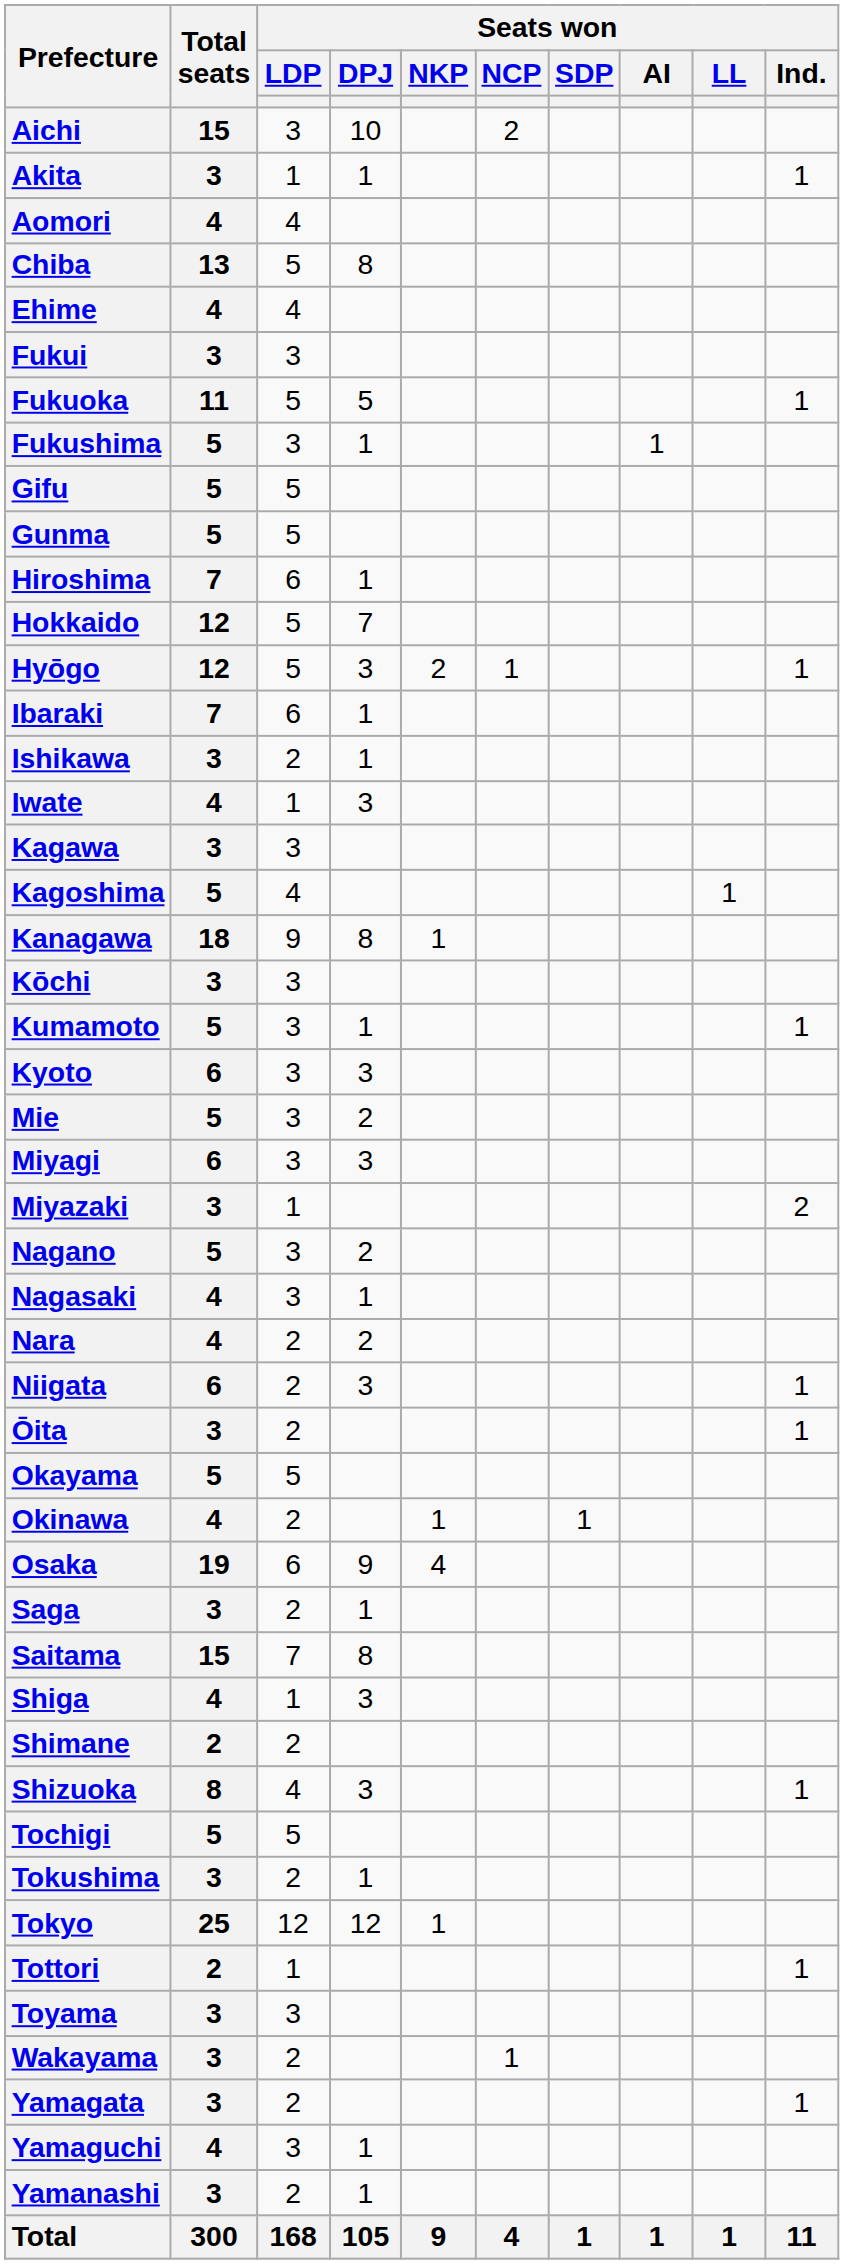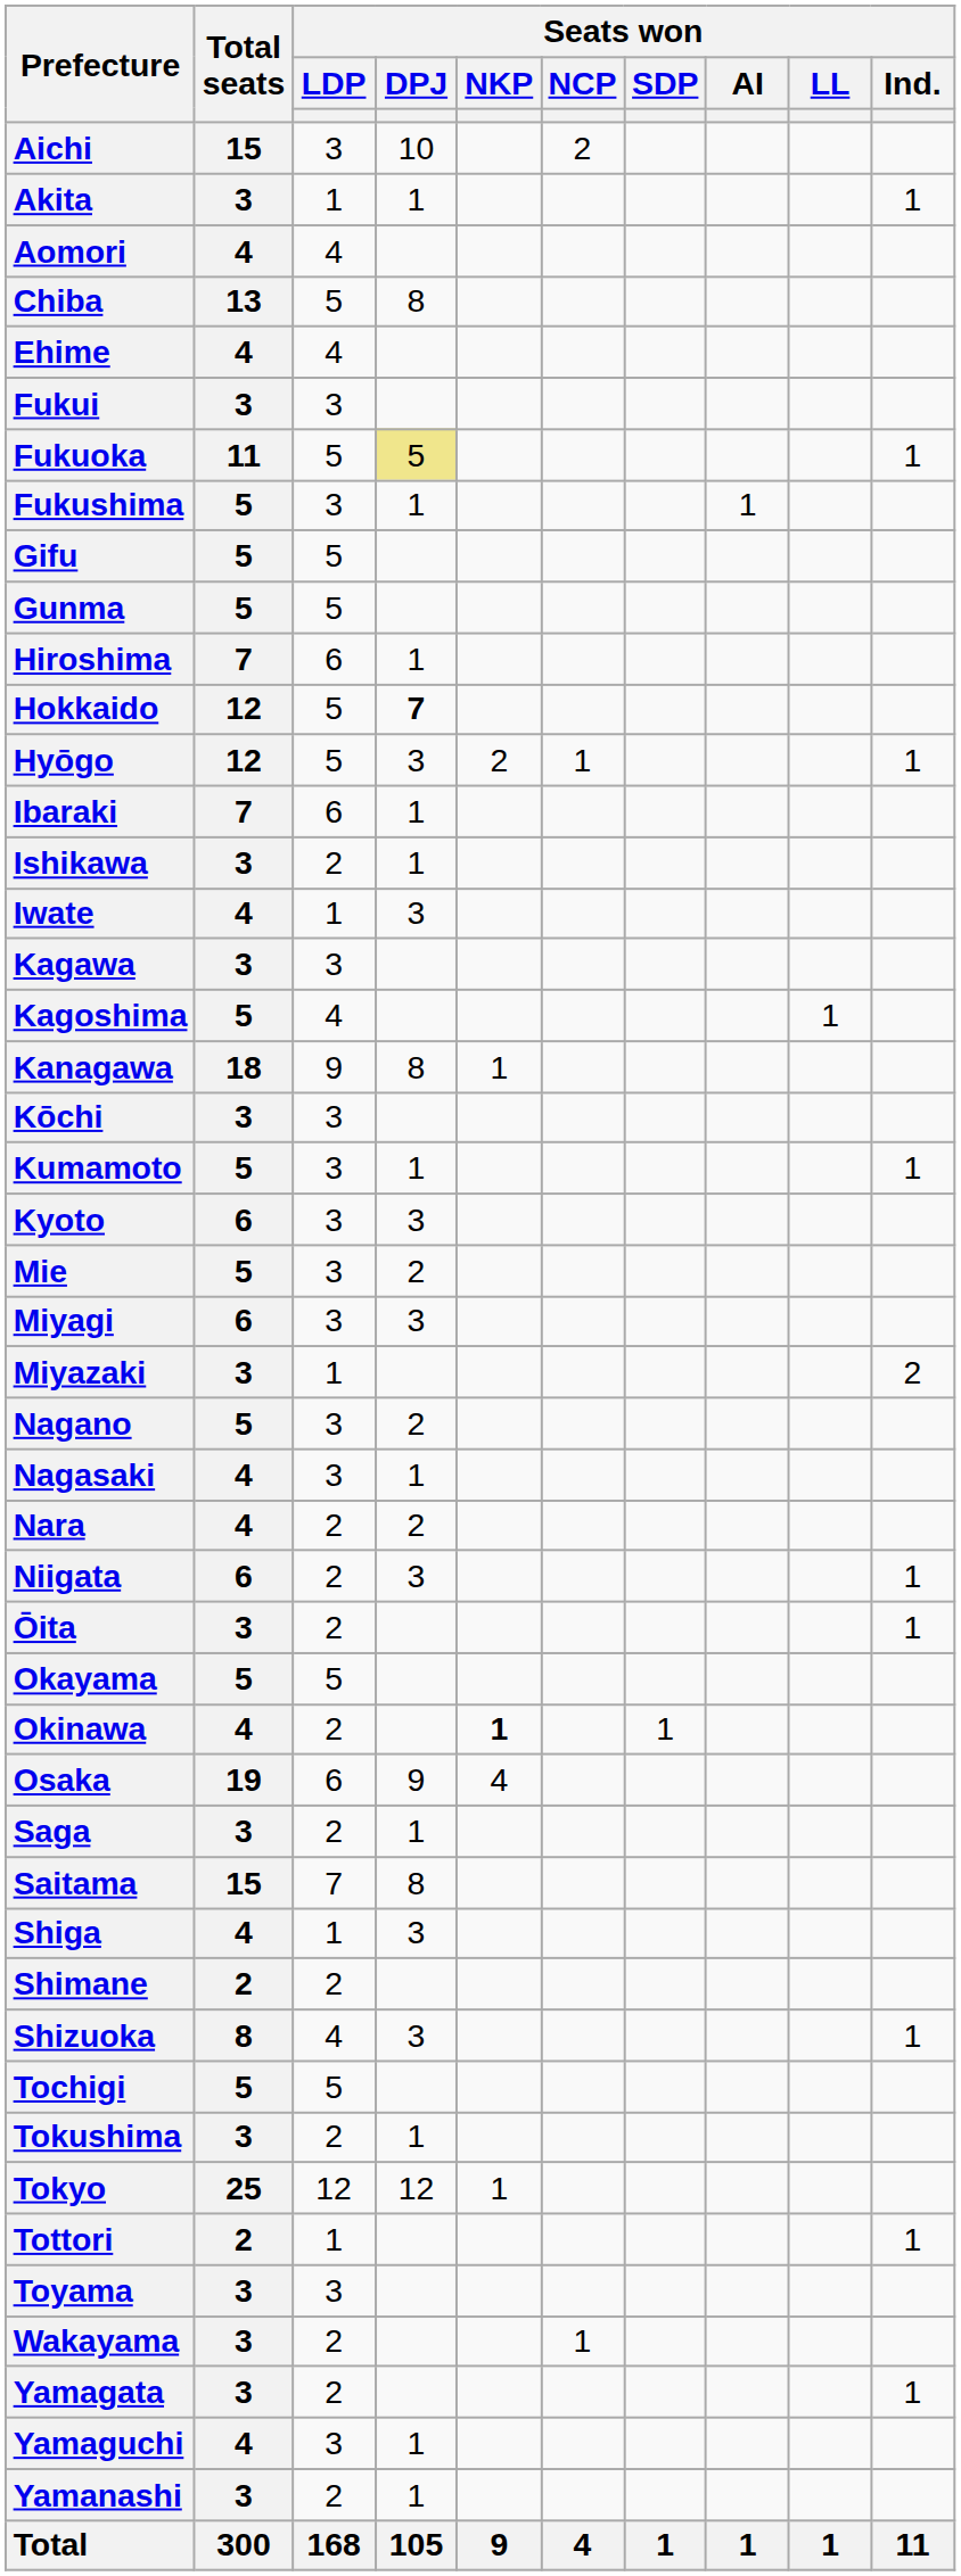 <table class="wikitable" style="text-align:center; font-size: 0.9em;">
 <tr>
 <th rowspan="3">Prefecture</th>
 <th rowspan="3">Total<br>seats</th>
 <th colspan="8">Seats won</th>
 </tr>
 <tr>
 <th class="unsortable" style="width:30px;"><a href='#'>LDP</a></th>
 <th class="unsortable" style="width:30px;"><a href='#'>DPJ</a></th>
 <th class="unsortable" style="width:30px;"><a href='#'>NKP</a></th>
 <th class="unsortable" style="width:30px;"><a href='#'>NCP</a></th>
 <th class="unsortable" style="width:30px;"><a href='#'>SDP</a></th>
 <th class="unsortable" style="width:30px;">AI</th>
 <th class="unsortable" style="width:30px;"><a href='#'>LL</a></th>
 <th class="unsortable" style="width:30px;">Ind.</th>
 </tr>
 <tr>
 <th style="background:"></th>
 <th style="background:"></th>
 <th style="background:"></th>
 <th style="background:"></th>
 <th style="background:"></th>
 <th style="background:"></th>
 <th style="background:"></th>
 <th style="background:"></th>
 </tr>
 <tr>
 <th style="text-align: left;"><a href='#'>Aichi</a></th>
 <th>15</th>
 <td>3</td>
 <td>10</td>
 <td></td>
 <td>2</td>
 <td></td>
 <td></td>
 <td></td>
 <td></td>
 </tr>
 <tr>
 <th style="text-align: left;"><a href='#'>Akita</a></th>
 <th>3</th>
 <td>1</td>
 <td>1</td>
 <td></td>
 <td></td>
 <td></td>
 <td></td>
 <td></td>
 <td>1</td>
 </tr>
 <tr>
 <th style="text-align: left;"><a href='#'>Aomori</a></th>
 <th>4</th>
 <td>4</td>
 <td></td>
 <td></td>
 <td></td>
 <td></td>
 <td></td>
 <td></td>
 <td></td>
 </tr>
 <tr>
 <th style="text-align: left;"><a href='#'>Chiba</a></th>
 <th>13</th>
 <td>5</td>
 <td>8</td>
 <td></td>
 <td></td>
 <td></td>
 <td></td>
 <td></td>
 <td></td>
 </tr>
 <tr>
 <th style="text-align: left;"><a href='#'>Ehime</a></th>
 <th>4</th>
 <td>4</td>
 <td></td>
 <td></td>
 <td></td>
 <td></td>
 <td></td>
 <td></td>
 <td></td>
 </tr>
 <tr>
 <th style="text-align: left;"><a href='#'>Fukui</a></th>
 <th>3</th>
 <td>3</td>
 <td></td>
 <td></td>
 <td></td>
 <td></td>
 <td></td>
 <td></td>
 <td></td>
 </tr>
 <tr>
 <th style="text-align: left;"><a href='#'>Fukuoka</a></th>
 <th>11</th>
 <td>5</td>
-<td>5</td>
+<td style="background: khaki;">5</td>
 <td></td>
 <td></td>
 <td></td>
 <td></td>
 <td></td>
 <td>1</td>
 </tr>
 <tr>
 <th style="text-align: left;"><a href='#'>Fukushima</a></th>
 <th>5</th>
 <td>3</td>
 <td>1</td>
 <td></td>
 <td></td>
 <td></td>
 <td>1</td>
 <td></td>
 <td></td>
 </tr>
 <tr>
 <th style="text-align: left;"><a href='#'>Gifu</a></th>
 <th>5</th>
 <td>5</td>
 <td></td>
 <td></td>
 <td></td>
 <td></td>
 <td></td>
 <td></td>
 <td></td>
 </tr>
 <tr>
 <th style="text-align: left;"><a href='#'>Gunma</a></th>
 <th>5</th>
 <td>5</td>
 <td></td>
 <td></td>
 <td></td>
 <td></td>
 <td></td>
 <td></td>
 <td></td>
 </tr>
 <tr>
 <th style="text-align: left;"><a href='#'>Hiroshima</a></th>
 <th>7</th>
 <td>6</td>
 <td>1</td>
 <td></td>
 <td></td>
 <td></td>
 <td></td>
 <td></td>
 <td></td>
 </tr>
 <tr>
 <th style="text-align: left;"><a href='#'>Hokkaido</a></th>
 <th>12</th>
 <td>5</td>
-<td>7</td>
+<td><strong>7</strong></td>
 <td></td>
 <td></td>
 <td></td>
 <td></td>
 <td></td>
 <td></td>
 </tr>
 <tr>
 <th style="text-align: left;"><a href='#'>Hyōgo</a></th>
 <th>12</th>
 <td>5</td>
 <td>3</td>
 <td>2</td>
 <td>1</td>
 <td></td>
 <td></td>
 <td></td>
 <td>1</td>
 </tr>
 <tr>
 <th style="text-align: left;"><a href='#'>Ibaraki</a></th>
 <th>7</th>
 <td>6</td>
 <td>1</td>
 <td></td>
 <td></td>
 <td></td>
 <td></td>
 <td></td>
 <td></td>
 </tr>
 <tr>
 <th style="text-align: left;"><a href='#'>Ishikawa</a></th>
 <th>3</th>
 <td>2</td>
 <td>1</td>
 <td></td>
 <td></td>
 <td></td>
 <td></td>
 <td></td>
 <td></td>
 </tr>
 <tr>
 <th style="text-align: left;"><a href='#'>Iwate</a></th>
 <th>4</th>
 <td>1</td>
 <td>3</td>
 <td></td>
 <td></td>
 <td></td>
 <td></td>
 <td></td>
 <td></td>
 </tr>
 <tr>
 <th style="text-align: left;"><a href='#'>Kagawa</a></th>
 <th>3</th>
 <td>3</td>
 <td></td>
 <td></td>
 <td></td>
 <td></td>
 <td></td>
 <td></td>
 <td></td>
 </tr>
 <tr>
 <th style="text-align: left;"><a href='#'>Kagoshima</a></th>
 <th>5</th>
 <td>4</td>
 <td></td>
 <td></td>
 <td></td>
 <td></td>
 <td></td>
 <td>1</td>
 <td></td>
 </tr>
 <tr>
 <th style="text-align: left;"><a href='#'>Kanagawa</a></th>
 <th>18</th>
 <td>9</td>
 <td>8</td>
 <td>1</td>
 <td></td>
 <td></td>
 <td></td>
 <td></td>
 <td></td>
 </tr>
 <tr>
 <th style="text-align: left;"><a href='#'>Kōchi</a></th>
 <th>3</th>
 <td>3</td>
 <td></td>
 <td></td>
 <td></td>
 <td></td>
 <td></td>
 <td></td>
 <td></td>
 </tr>
 <tr>
 <th style="text-align: left;"><a href='#'>Kumamoto</a></th>
 <th>5</th>
 <td>3</td>
 <td>1</td>
 <td></td>
 <td></td>
 <td></td>
 <td></td>
 <td></td>
 <td>1</td>
 </tr>
 <tr>
 <th style="text-align: left;"><a href='#'>Kyoto</a></th>
 <th>6</th>
 <td>3</td>
 <td>3</td>
 <td></td>
 <td></td>
 <td></td>
 <td></td>
 <td></td>
 <td></td>
 </tr>
 <tr>
 <th style="text-align: left;"><a href='#'>Mie</a></th>
 <th>5</th>
 <td>3</td>
 <td>2</td>
 <td></td>
 <td></td>
 <td></td>
 <td></td>
 <td></td>
 <td></td>
 </tr>
 <tr>
 <th style="text-align: left;"><a href='#'>Miyagi</a></th>
 <th>6</th>
 <td>3</td>
 <td>3</td>
 <td></td>
 <td></td>
 <td></td>
 <td></td>
 <td></td>
 <td></td>
 </tr>
 <tr>
 <th style="text-align: left;"><a href='#'>Miyazaki</a></th>
 <th>3</th>
 <td>1</td>
 <td></td>
 <td></td>
 <td></td>
 <td></td>
 <td></td>
 <td></td>
 <td>2</td>
 </tr>
 <tr>
 <th style="text-align: left;"><a href='#'>Nagano</a></th>
 <th>5</th>
 <td>3</td>
 <td>2</td>
 <td></td>
 <td></td>
 <td></td>
 <td></td>
 <td></td>
 <td></td>
 </tr>
 <tr>
 <th style="text-align: left;"><a href='#'>Nagasaki</a></th>
 <th>4</th>
 <td>3</td>
 <td>1</td>
 <td></td>
 <td></td>
 <td></td>
 <td></td>
 <td></td>
 <td></td>
 </tr>
 <tr>
 <th style="text-align: left;"><a href='#'>Nara</a></th>
 <th>4</th>
 <td>2</td>
 <td>2</td>
 <td></td>
 <td></td>
 <td></td>
 <td></td>
 <td></td>
 <td></td>
 </tr>
 <tr>
 <th style="text-align: left;"><a href='#'>Niigata</a></th>
 <th>6</th>
 <td>2</td>
 <td>3</td>
 <td></td>
 <td></td>
 <td></td>
 <td></td>
 <td></td>
 <td>1</td>
 </tr>
 <tr>
 <th style="text-align: left;"><a href='#'>Ōita</a></th>
 <th>3</th>
 <td>2</td>
 <td></td>
 <td></td>
 <td></td>
 <td></td>
 <td></td>
 <td></td>
 <td>1</td>
 </tr>
 <tr>
 <th style="text-align: left;"><a href='#'>Okayama</a></th>
 <th>5</th>
 <td>5</td>
 <td></td>
 <td></td>
 <td></td>
 <td></td>
 <td></td>
 <td></td>
 <td></td>
 </tr>
 <tr>
 <th style="text-align: left;"><a href='#'>Okinawa</a></th>
 <th>4</th>
 <td>2</td>
 <td></td>
-<td>1</td>
+<td><strong>1</strong></td>
 <td></td>
 <td>1</td>
 <td></td>
 <td></td>
 <td></td>
 </tr>
 <tr>
 <th style="text-align: left;"><a href='#'>Osaka</a></th>
 <th>19</th>
 <td>6</td>
 <td>9</td>
 <td>4</td>
 <td></td>
 <td></td>
 <td></td>
 <td></td>
 <td></td>
 </tr>
 <tr>
 <th style="text-align: left;"><a href='#'>Saga</a></th>
 <th>3</th>
 <td>2</td>
 <td>1</td>
 <td></td>
 <td></td>
 <td></td>
 <td></td>
 <td></td>
 <td></td>
 </tr>
 <tr>
 <th style="text-align: left;"><a href='#'>Saitama</a></th>
 <th>15</th>
 <td>7</td>
 <td>8</td>
 <td></td>
 <td></td>
 <td></td>
 <td></td>
 <td></td>
 <td></td>
 </tr>
 <tr>
 <th style="text-align: left;"><a href='#'>Shiga</a></th>
 <th>4</th>
 <td>1</td>
 <td>3</td>
 <td></td>
 <td></td>
 <td></td>
 <td></td>
 <td></td>
 <td></td>
 </tr>
 <tr>
 <th style="text-align: left;"><a href='#'>Shimane</a></th>
 <th>2</th>
 <td>2</td>
 <td></td>
 <td></td>
 <td></td>
 <td></td>
 <td></td>
 <td></td>
 <td></td>
 </tr>
 <tr>
 <th style="text-align: left;"><a href='#'>Shizuoka</a></th>
 <th>8</th>
 <td>4</td>
 <td>3</td>
 <td></td>
 <td></td>
 <td></td>
 <td></td>
 <td></td>
 <td>1</td>
 </tr>
 <tr>
 <th style="text-align: left;"><a href='#'>Tochigi</a></th>
 <th>5</th>
 <td>5</td>
 <td></td>
 <td></td>
 <td></td>
 <td></td>
 <td></td>
 <td></td>
 <td></td>
 </tr>
 <tr>
 <th style="text-align: left;"><a href='#'>Tokushima</a></th>
 <th>3</th>
 <td>2</td>
 <td>1</td>
 <td></td>
 <td></td>
 <td></td>
 <td></td>
 <td></td>
 <td></td>
 </tr>
 <tr>
 <th style="text-align: left;"><a href='#'>Tokyo</a></th>
 <th>25</th>
 <td>12</td>
 <td>12</td>
 <td>1</td>
 <td></td>
 <td></td>
 <td></td>
 <td></td>
 <td></td>
 </tr>
 <tr>
 <th style="text-align: left;"><a href='#'>Tottori</a></th>
 <th>2</th>
 <td>1</td>
 <td></td>
 <td></td>
 <td></td>
 <td></td>
 <td></td>
 <td></td>
 <td>1</td>
 </tr>
 <tr>
 <th style="text-align: left;"><a href='#'>Toyama</a></th>
 <th>3</th>
 <td>3</td>
 <td></td>
 <td></td>
 <td></td>
 <td></td>
 <td></td>
 <td></td>
 <td></td>
 </tr>
 <tr>
 <th style="text-align: left;"><a href='#'>Wakayama</a></th>
 <th>3</th>
 <td>2</td>
 <td></td>
 <td></td>
 <td>1</td>
 <td></td>
 <td></td>
 <td></td>
 <td></td>
 </tr>
 <tr>
 <th style="text-align: left;"><a href='#'>Yamagata</a></th>
 <th>3</th>
 <td>2</td>
 <td></td>
 <td></td>
 <td></td>
 <td></td>
 <td></td>
 <td></td>
 <td>1</td>
 </tr>
 <tr>
 <th style="text-align: left;"><a href='#'>Yamaguchi</a></th>
 <th>4</th>
 <td>3</td>
 <td>1</td>
 <td></td>
 <td></td>
 <td></td>
 <td></td>
 <td></td>
 <td></td>
 </tr>
 <tr>
 <th style="text-align: left;"><a href='#'>Yamanashi</a></th>
 <th>3</th>
 <td>2</td>
 <td>1</td>
 <td></td>
 <td></td>
 <td></td>
 <td></td>
 <td></td>
 <td></td>
 </tr>
 <tr class="sortbottom">
 <th style="text-align: left;">Total</th>
 <th>300</th>
 <th>168</th>
 <th>105</th>
 <th>9</th>
 <th>4</th>
 <th>1</th>
 <th>1</th>
 <th>1</th>
 <th>11</th>
 </tr>
 </table>
